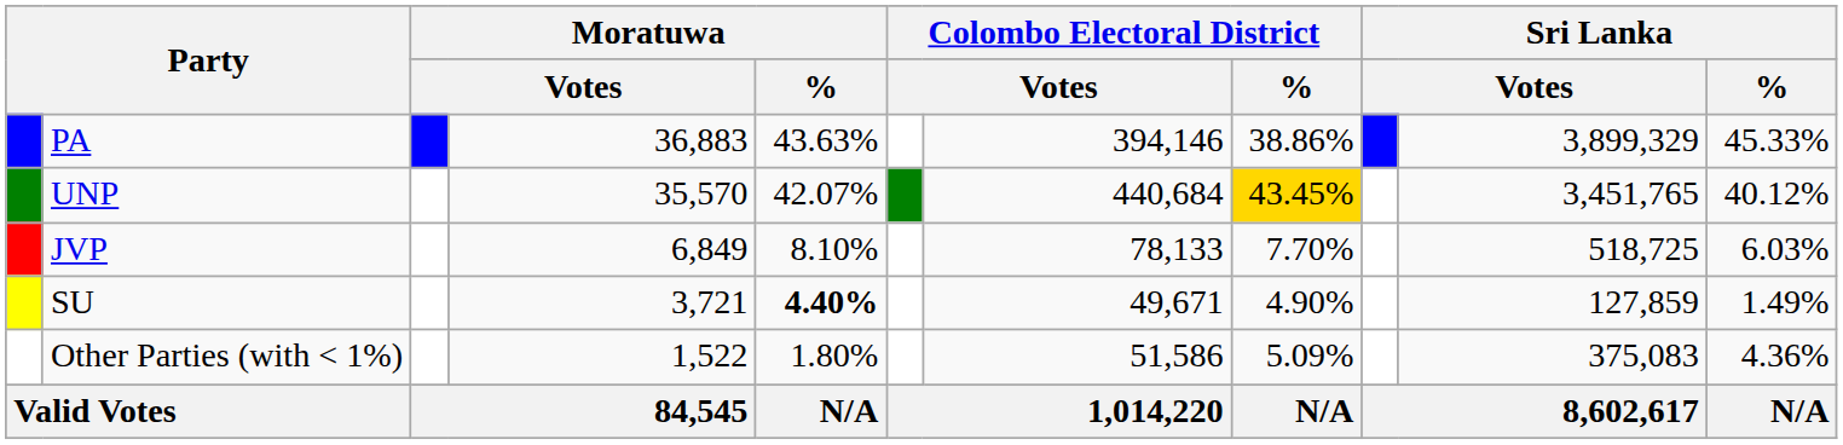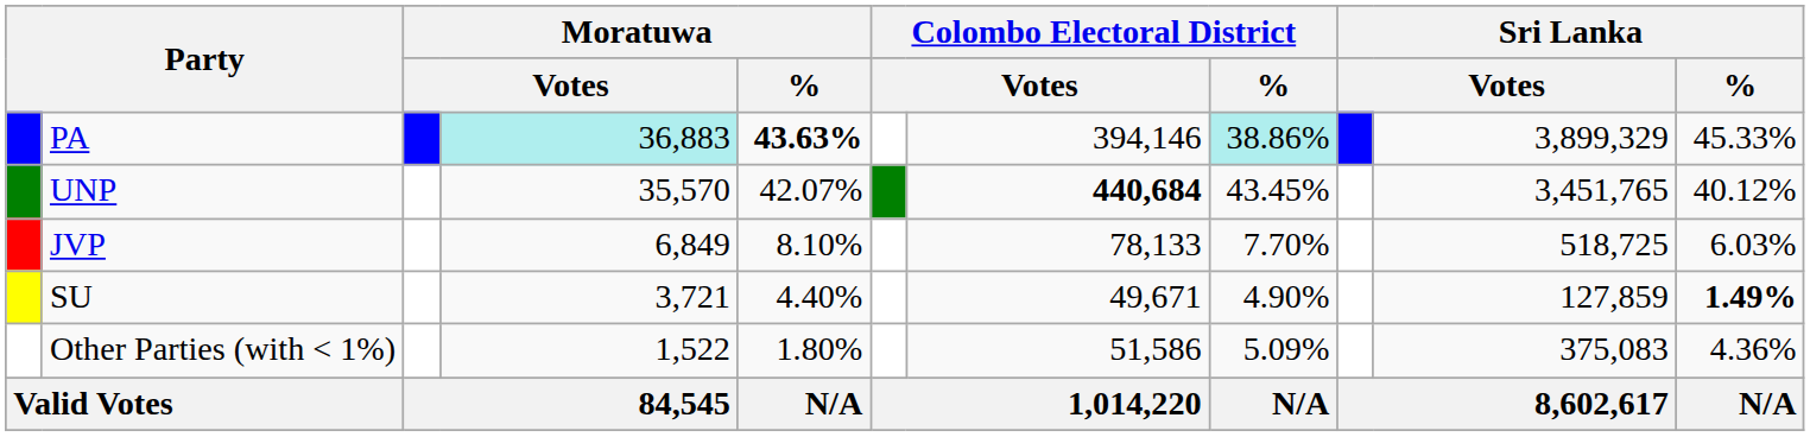 <table class="wikitable">
 <tr>
 <th colspan="2" width="144px"rowspan="2">Party</th>
 <th colspan="3" width="216px">Moratuwa</th>
 <th colspan="3" width="216px"><a href='#'>Colombo Electoral District</a></th>
 <th colspan="3" width="216px">Sri Lanka</th>
 </tr>
 <tr>
 <th colspan="2" width="144px">Votes</th>
 <th>%</th>
 <th colspan="2" width="144px">Votes</th>
 <th>%</th>
 <th colspan="2" width="144px">Votes</th>
 <th>%</th>
 </tr>
 <tr>
 <td style="background-color:blue;" width="10px"></td>
 <td style="text-align:left;"><a href='#'>PA</a></td>
 <td style="background-color:blue;" width="10px"></td>
-<td style="text-align:right;">36,883</td>
-<td style="text-align:right;">43.63%</td>
+<td style="background: paleturquoise; text-align:right;">36,883</td>
+<td style="text-align:right;"><strong>43.63%</strong></td>
 <td style="background-color:white;" width="10px"></td>
 <td style="text-align:right;">394,146</td>
-<td style="text-align:right;">38.86%</td>
+<td style="background: paleturquoise; text-align:right;">38.86%</td>
 <td style="background-color:blue;" width="10px"></td>
 <td style="text-align:right;">3,899,329</td>
 <td style="text-align:right;">45.33%</td>
 </tr>
 <tr>
 <td style="background-color:green;" width="10px"></td>
 <td style="text-align:left;"><a href='#'>UNP</a></td>
 <td style="background-color:white;" width="10px"></td>
 <td style="text-align:right;">35,570</td>
 <td style="text-align:right;">42.07%</td>
 <td style="background-color:green;" width="10px"></td>
-<td style="text-align:right;">440,684</td>
-<td style="background: gold; text-align:right;">43.45%</td>
+<td style="text-align:right;"><strong>440,684</strong></td>
+<td style="text-align:right;">43.45%</td>
 <td style="background-color:white;" width="10px"></td>
 <td style="text-align:right;">3,451,765</td>
 <td style="text-align:right;">40.12%</td>
 </tr>
 <tr>
 <td style="background-color:red;" width="10px"></td>
 <td style="text-align:left;"><a href='#'>JVP</a></td>
 <td style="background-color:white;" width="10px"></td>
 <td style="text-align:right;">6,849</td>
 <td style="text-align:right;">8.10%</td>
 <td style="background-color:white;" width="10px"></td>
 <td style="text-align:right;">78,133</td>
 <td style="text-align:right;">7.70%</td>
 <td style="background-color:white;" width="10px"></td>
 <td style="text-align:right;">518,725</td>
 <td style="text-align:right;">6.03%</td>
 </tr>
 <tr>
 <td style="background-color:yellow;" width="10px"></td>
 <td style="text-align:left;">SU</td>
 <td style="background-color:white;" width="10px"></td>
 <td style="text-align:right;">3,721</td>
-<td style="text-align:right;"><strong>4.40%</strong></td>
+<td style="text-align:right;">4.40%</td>
 <td style="background-color:white;" width="10px"></td>
 <td style="text-align:right;">49,671</td>
 <td style="text-align:right;">4.90%</td>
 <td style="background-color:white;" width="10px"></td>
 <td style="text-align:right;">127,859</td>
-<td style="text-align:right;">1.49%</td>
+<td style="text-align:right;"><strong>1.49%</strong></td>
 </tr>
 <tr>
 <td style="background-color:white;" width="10px"></td>
 <td style="text-align:left;">Other Parties (with < 1%)</td>
 <td style="background-color:white;" width="10px"></td>
 <td style="text-align:right;">1,522</td>
 <td style="text-align:right;">1.80%</td>
 <td style="background-color:white;" width="10px"></td>
 <td style="text-align:right;">51,586</td>
 <td style="text-align:right;">5.09%</td>
 <td style="background-color:white;" width="10px"></td>
 <td style="text-align:right;">375,083</td>
 <td style="text-align:right;">4.36%</td>
 </tr>
 <tr>
 <th colspan="2" width="144px"style="text-align:left;">Valid Votes</th>
 <th style="text-align:right;"colspan="2" width="144px">84,545</th>
 <th style="text-align:right;">N/A</th>
 <th style="text-align:right;"colspan="2" width="144px">1,014,220</th>
 <th style="text-align:right;">N/A</th>
 <th style="text-align:right;"colspan="2" width="144px">8,602,617</th>
 <th style="text-align:right;">N/A</th>
 </tr>
 </table>
